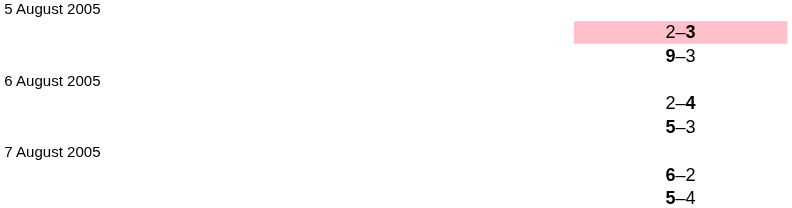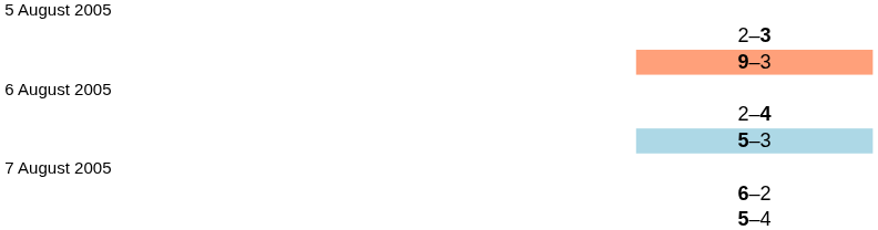 <table width=100% cellspacing=1>
 <tr>
 <th width=40%></th>
 <th width=15%></th>
 <th></th>
 </tr>
 <tr>
 <td><small>5 August 2005</small></td>
 </tr>
 <tr>
 <td align=right></td>
-<td align=center style="background: pink;">2–<strong>3</strong></td>
+<td align=center>2–<strong>3</strong></td>
 <td><strong></strong></td>
 </tr>
 <tr>
 <td align=right><strong></strong></td>
-<td align=center><strong>9</strong>–3</td>
+<td align=center style="background: lightsalmon;"><strong>9</strong>–3</td>
 <td></td>
 </tr>
 <tr>
 <td><small>6 August 2005</small></td>
 </tr>
 <tr>
 <td align=right></td>
 <td align=center>2–<strong>4</strong></td>
 <td><strong></strong></td>
 </tr>
 <tr>
 <td align=right><strong></strong></td>
-<td align=center><strong>5</strong>–3</td>
+<td align=center style="background: lightblue;"><strong>5</strong>–3</td>
 <td></td>
 </tr>
 <tr>
 <td><small>7 August 2005</small></td>
 </tr>
 <tr>
 <td align=right><strong></strong></td>
 <td align=center><strong>6</strong>–2</td>
 <td></td>
 </tr>
 <tr>
 <td align=right><strong></strong></td>
 <td align=center><strong>5</strong>–4</td>
 <td></td>
 </tr>
 </table>
